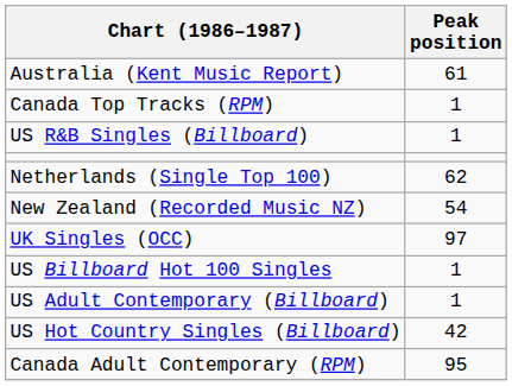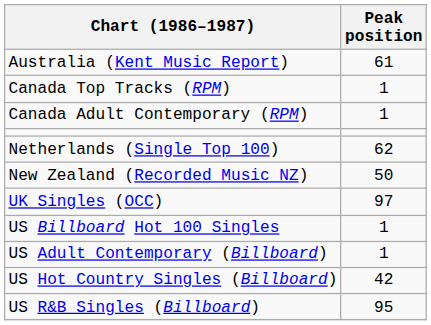 <table class="wikitable sortable">
 <tr>
 <th>Chart (1986–1987)</th>
 <th>Peak<br>position</th>
 </tr>
 <tr>
 <td>Australia (<a href='#'>Kent Music Report</a>)</td>
 <td align="center">61</td>
 </tr>
 <tr>
 <td>Canada Top Tracks (<em><a href='#'>RPM</a></em>)</td>
 <td align="center">1</td>
 </tr>
 <tr>
-<td>US <a href='#'>R&B Singles</a> (<em><a href='#'>Billboard</a></em>)</td>
+<td>Canada Adult Contemporary (<em><a href='#'>RPM</a></em>)</td>
 <td align="center">1</td>
 </tr>
 <tr>
 <td></td>
 </tr>
 <tr>
 <td>Netherlands (<a href='#'>Single Top 100</a>)</td>
 <td align="center">62</td>
 </tr>
 <tr>
 <td>New Zealand (<a href='#'>Recorded Music NZ</a>)</td>
-<td align="center">54</td>
+<td align="center">50</td>
 </tr>
 <tr>
 <td><a href='#'>UK Singles</a> (<a href='#'>OCC</a>)</td>
 <td align="center">97</td>
 </tr>
 <tr>
 <td>US <em><a href='#'>Billboard</a></em> <a href='#'>Hot 100 Singles</a></td>
 <td align="center">1</td>
 </tr>
 <tr>
 <td>US <a href='#'>Adult Contemporary</a> (<em><a href='#'>Billboard</a></em>)</td>
 <td align="center">1</td>
 </tr>
 <tr>
 <td>US <a href='#'>Hot Country Singles</a> (<em><a href='#'>Billboard</a></em>)</td>
 <td align="center">42</td>
 </tr>
 <tr>
-<td>Canada Adult Contemporary (<em><a href='#'>RPM</a></em>)</td>
+<td>US <a href='#'>R&B Singles</a> (<em><a href='#'>Billboard</a></em>)</td>
 <td align="center">95</td>
 </tr>
 <tr>
 </tr>
 </table>
